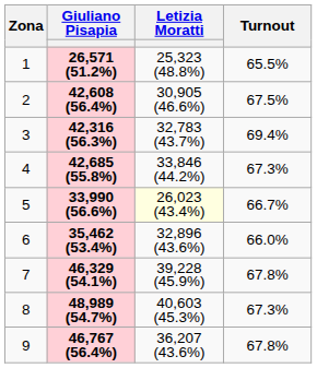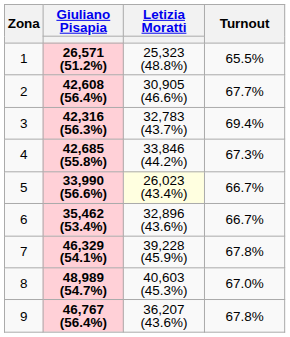 <table class="wikitable" style="text-align:center; font-size:85%; line-height:13px">
 <tr style="height:30px; background-color:#E9E9E9">
 <th style="width:30px;" rowspan="2">Zona</th>
 <th style="width:75px;"><a href='#'>Giuliano Pisapia</a></th>
 <th style="width:75px;"><a href='#'>Letizia Moratti</a></th>
 <th rowspan="2" style="width:75px;">Turnout</th>
 </tr>
 <tr>
 <th style="background:"></th>
 <th style="background:"></th>
 </tr>
 <tr>
 <td>1</td>
 <td style="background:#FFD0D7"><strong>26,571 <br>(51.2%)</strong></td>
 <td>25,323 <br>(48.8%)</td>
 <td>65.5%</td>
 </tr>
 <tr>
 <td>2</td>
 <td style="background:#FFD0D7"><strong>42,608 <br>(56.4%)</strong></td>
 <td>30,905 <br>(46.6%)</td>
-<td>67.5%</td>
+<td>67.7%</td>
 </tr>
 <tr>
 <td>3</td>
 <td style="background:#FFD0D7"><strong>42,316 <br>(56.3%)</strong></td>
 <td>32,783 <br>(43.7%)</td>
 <td>69.4%</td>
 </tr>
 <tr>
 <td>4</td>
 <td style="background:#FFD0D7"><strong>42,685 <br>(55.8%)</strong></td>
 <td>33,846 <br>(44.2%)</td>
 <td>67.3%</td>
 </tr>
 <tr>
 <td>5</td>
 <td style="background:#FFD0D7"><strong>33,990 <br>(56.6%)</strong></td>
 <td style="background: lightyellow;">26,023 <br>(43.4%)</td>
 <td>66.7%</td>
 </tr>
 <tr>
 <td>6</td>
 <td style="background:#FFD0D7"><strong>35,462 <br>(53.4%)</strong></td>
 <td>32,896 <br>(43.6%)</td>
-<td>66.0%</td>
+<td>66.7%</td>
 </tr>
 <tr>
 <td>7</td>
 <td style="background:#FFD0D7"><strong>46,329 <br>(54.1%)</strong></td>
 <td>39,228 <br>(45.9%)</td>
 <td>67.8%</td>
 </tr>
 <tr>
 <td>8</td>
 <td style="background:#FFD0D7"><strong>48,989 <br>(54.7%)</strong></td>
 <td>40,603 <br>(45.3%)</td>
-<td>67.3%</td>
+<td>67.0%</td>
 </tr>
 <tr>
 <td>9</td>
 <td style="background:#FFD0D7"><strong>46,767 <br>(56.4%)</strong></td>
 <td>36,207 <br>(43.6%)</td>
 <td>67.8%</td>
 </tr>
 </table>
